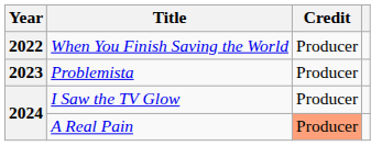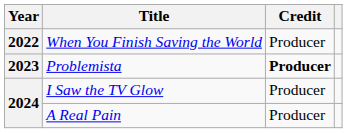 <table class="wikitable plainrowheaders sortable" style="margin-right: 0;">
 <tr>
 <th scope="col">Year</th>
 <th scope="col">Title</th>
 <th scope="col" class="unsortable">Credit</th>
 <th scope="col" class="unsortable"></th>
 </tr>
 <tr>
 <th scope="row">2022</th>
 <td><em><a href='#'>When You Finish Saving the World</a></em></td>
 <td>Producer</td>
 <td style="text-align:center;"></td>
 </tr>
 <tr>
 <th scope="row">2023</th>
 <td><em><a href='#'>Problemista</a></em></td>
-<td>Producer</td>
+<td><strong>Producer</strong></td>
 <td style="text-align:center;"></td>
 </tr>
 <tr>
 <th rowspan="2" scope="row">2024</th>
 <td><em><a href='#'>I Saw the TV Glow</a></em></td>
 <td>Producer</td>
 <td style="text-align:center;"></td>
 </tr>
 <tr>
 <td><em><a href='#'>A Real Pain</a></em></td>
-<td style="background: lightsalmon;">Producer</td>
+<td>Producer</td>
 <td style="text-align:center;"><br></td>
 </tr>
 </table>
